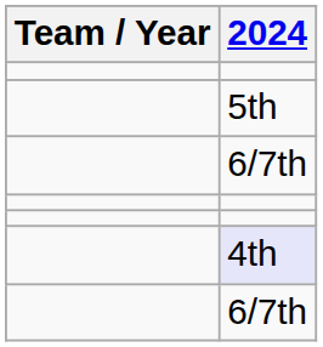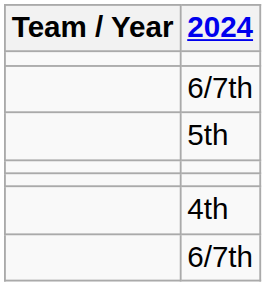 <table class="wikitable" style="text-align:left;">
 <tr>
 <th style="text-align:left;">Team / Year</th>
 <th><a href='#'>2024</a></th>
 </tr>
 <tr>
 <td></td>
 <td></td>
 </tr>
 <tr>
 <td></td>
-<td>5th</td>
+<td>6/7th</td>
 </tr>
 <tr>
 <td></td>
-<td>6/7th</td>
+<td>5th</td>
 </tr>
 <tr>
 <td></td>
 <td></td>
 </tr>
 <tr>
 <td></td>
 <td></td>
 </tr>
 <tr>
 <td></td>
-<td style="background: lavender;">4th</td>
+<td>4th</td>
 </tr>
 <tr>
 <td></td>
 <td>6/7th</td>
 </tr>
 </table>
